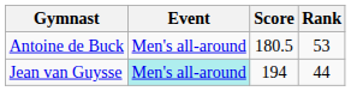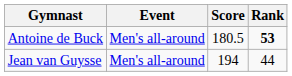 <table class="wikitable sortable">
 <tr>
 <th>Gymnast</th>
 <th>Event</th>
 <th>Score</th>
 <th>Rank</th>
 </tr>
 <tr align=center>
 <td align=left><a href='#'>Antoine de Buck</a></td>
 <td align=left><a href='#'>Men's all-around</a></td>
 <td>180.5</td>
-<td>53</td>
+<td><strong>53</strong></td>
 </tr>
 <tr align=center>
 <td align=left><a href='#'>Jean van Guysse</a></td>
-<td align=left style="background: paleturquoise;"><a href='#'>Men's all-around</a></td>
+<td align=left><a href='#'>Men's all-around</a></td>
 <td>194</td>
 <td>44</td>
 </tr>
 </table>
